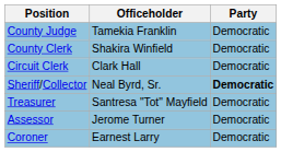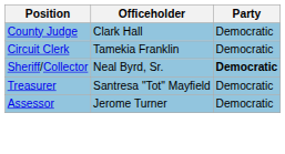 <table class="wikitable mw-collapsible">
 <tr>
 <th>Position</th>
 <th>Officeholder</th>
 <th>Party</th>
 </tr>
 <tr style="background-color: #92C5DE;">
 <td><a href='#'>County Judge</a></td>
-<td>Tamekia Franklin</td>
-<td>Democratic</td>
-</tr>
-<tr style="background-color: #92C5DE;">
-<td><a href='#'>County Clerk</a></td>
-<td>Shakira Winfield</td>
+<td>Clark Hall</td>
 <td>Democratic</td>
 </tr>
 <tr style="background-color: #92C5DE;">
 <td><a href='#'>Circuit Clerk</a></td>
-<td>Clark Hall</td>
+<td>Tamekia Franklin</td>
 <td>Democratic</td>
 </tr>
 <tr style="background-color: #92C5DE;">
 <td><a href='#'>Sheriff</a>/<a href='#'>Collector</a></td>
 <td>Neal Byrd, Sr.</td>
 <td><strong>Democratic</strong></td>
 </tr>
 <tr style="background-color: #92C5DE;">
 <td><a href='#'>Treasurer</a></td>
 <td>Santresa "Tot" Mayfield</td>
 <td>Democratic</td>
 </tr>
 <tr style="background-color: #92C5DE;">
 <td><a href='#'>Assessor</a></td>
 <td>Jerome Turner</td>
 <td>Democratic</td>
 </tr>
-<tr style="background-color: #92C5DE;">
-<td><a href='#'>Coroner</a></td>
-<td>Earnest Larry</td>
-<td>Democratic</td>
-</tr>
 </table>
